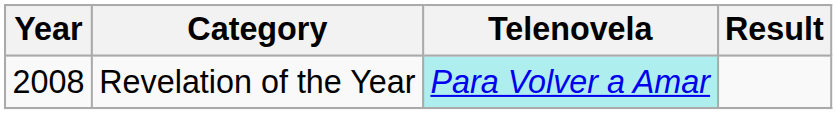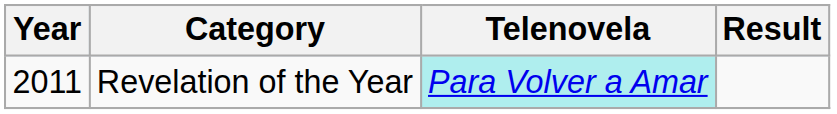 <table class="wikitable">
 <tr style="background:#b0c4de;">
 <th>Year</th>
 <th>Category</th>
 <th>Telenovela</th>
 <th>Result</th>
 </tr>
 <tr>
-<td>2008</td>
+<td>2011</td>
 <td>Revelation of the Year</td>
 <td style="background: paleturquoise;"><em><a href='#'>Para Volver a Amar</a></em></td>
 <td></td>
 </tr>
 <tr>
 </tr>
 </table>
